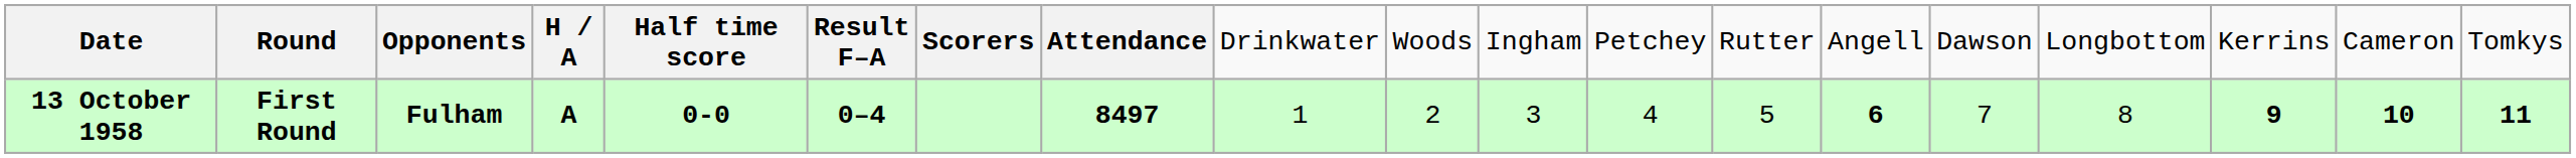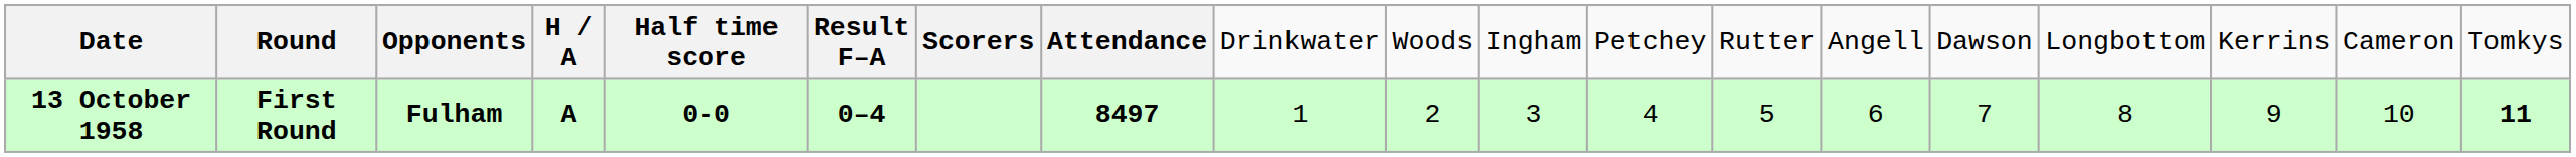 <table class="wikitable" style="text-align:center">
 <tr>
 <th><strong>Date</strong></th>
 <th><strong>Round</strong></th>
 <th><strong>Opponents</strong></th>
 <th><strong>H / A</strong></th>
 <th><strong>Half time score</strong></th>
 <th><strong>Result</strong><br><strong>F–A</strong></th>
 <th><strong>Scorers</strong></th>
 <th><strong>Attendance</strong></th>
 <td>Drinkwater</td>
 <td>Woods</td>
 <td>Ingham</td>
 <td>Petchey</td>
 <td>Rutter</td>
 <td>Angell</td>
 <td>Dawson</td>
 <td>Longbottom</td>
 <td>Kerrins</td>
 <td>Cameron</td>
 <td>Tomkys</td>
 </tr>
 <tr bgcolor="#ccffcc">
 <td><strong>13 October 1958</strong></td>
 <td><strong>First Round</strong></td>
 <td><strong>Fulham</strong></td>
 <td><strong>A</strong></td>
 <td><strong>0-0</strong></td>
 <td><strong>0–4</strong></td>
 <td></td>
 <td><strong>8497</strong></td>
 <td>1</td>
 <td>2</td>
 <td>3</td>
 <td>4</td>
 <td>5</td>
-<td><strong>6</strong></td>
+<td>6</td>
 <td>7</td>
 <td>8</td>
-<td><strong>9</strong></td>
-<td><strong>10</strong></td>
+<td>9</td>
+<td>10</td>
 <td><strong>11</strong></td>
 </tr>
 </table>
